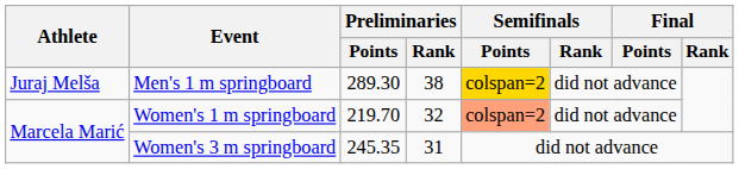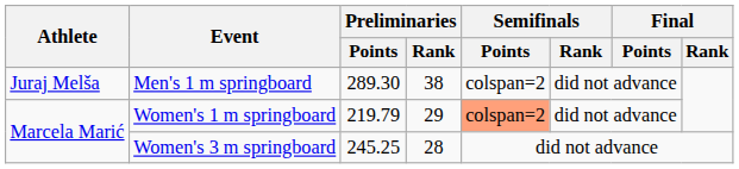 <table class=wikitable style="font-size:90%;">
 <tr>
 <th rowspan="2">Athlete</th>
 <th rowspan="2">Event</th>
 <th colspan="2">Preliminaries</th>
 <th colspan="2">Semifinals</th>
 <th colspan="2">Final</th>
 </tr>
 <tr style="font-size:95%">
 <th>Points</th>
 <th>Rank</th>
 <th>Points</th>
 <th>Rank</th>
 <th>Points</th>
 <th>Rank</th>
 </tr>
 <tr align=center>
 <td align=left><a href='#'>Juraj Melša</a></td>
 <td align=left><a href='#'>Men's 1 m springboard</a></td>
 <td>289.30</td>
 <td>38</td>
-<td style="background: gold;">colspan=2 </td>
+<td>colspan=2 </td>
 <td colspan=2>did not advance</td>
 </tr>
 <tr align=center>
 <td align=left rowspan=2><a href='#'>Marcela Marić</a></td>
 <td align=left><a href='#'>Women's 1 m springboard</a></td>
-<td>219.70</td>
-<td>32</td>
+<td>219.79</td>
+<td>29</td>
 <td style="background: lightsalmon;">colspan=2 </td>
 <td colspan=2>did not advance</td>
 </tr>
 <tr align=center>
 <td align=left><a href='#'>Women's 3 m springboard</a></td>
-<td>245.35</td>
-<td>31</td>
+<td>245.25</td>
+<td>28</td>
 <td colspan=4>did not advance</td>
 </tr>
 </table>
